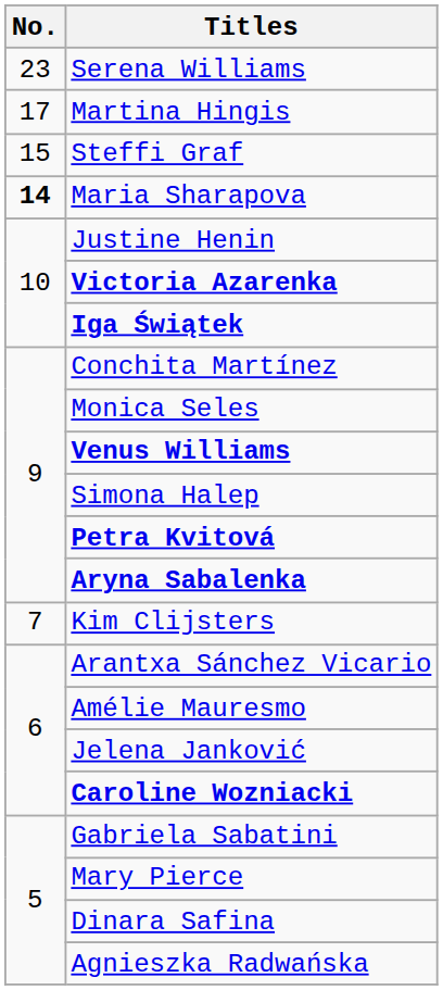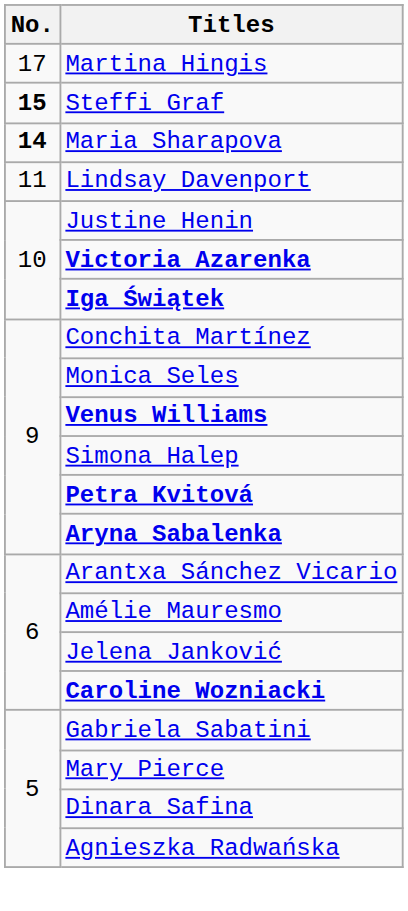 <table class="wikitable" style="text-align:center; display:inline-table">
 <tr>
 <th scope="col">No.</th>
 <th scope="col">Titles</th>
 </tr>
 <tr>
-<td>23</td>
-<td style="text-align:left"> <a href='#'>Serena Williams</a></td>
-</tr>
-<tr>
 <td>17</td>
 <td style="text-align:left"> <a href='#'>Martina Hingis</a></td>
 </tr>
 <tr>
-<td>15</td>
+<td><strong>15</strong></td>
 <td style="text-align:left"> <a href='#'>Steffi Graf</a></td>
 </tr>
 <tr>
 <td><strong>14</strong></td>
 <td style="text-align:left"> <a href='#'>Maria Sharapova</a></td>
+</tr>
+<tr>
+<td>11</td>
+<td style="text-align:left"> <a href='#'>Lindsay Davenport</a></td>
 </tr>
 <tr>
 <td rowspan="3">10</td>
 <td style="text-align:left"> <a href='#'>Justine Henin</a></td>
 </tr>
 <tr>
 <td style="text-align:left"> <strong><a href='#'>Victoria Azarenka</a></strong></td>
 </tr>
 <tr>
 <td style="text-align:left"> <strong><a href='#'>Iga Świątek</a></strong></td>
 </tr>
 <tr>
 <td rowspan="6">9</td>
 <td style="text-align:left"> <a href='#'>Conchita Martínez</a></td>
 </tr>
 <tr>
 <td style="text-align:left"> <a href='#'>Monica Seles</a></td>
 </tr>
 <tr>
 <td style="text-align:left"> <strong><a href='#'>Venus Williams</a></strong></td>
 </tr>
 <tr>
 <td style="text-align:left"> <a href='#'>Simona Halep</a></td>
 </tr>
 <tr>
 <td style="text-align:left"> <strong><a href='#'>Petra Kvitová</a></strong></td>
 </tr>
 <tr>
 <td style="text-align:left"> <strong><a href='#'>Aryna Sabalenka</a></strong></td>
 </tr>
 <tr>
-<td>7</td>
-<td style="text-align:left"> <a href='#'>Kim Clijsters</a></td>
-</tr>
-<tr>
 <td rowspan="4">6</td>
 <td style="text-align:left"> <a href='#'>Arantxa Sánchez Vicario</a></td>
 </tr>
 <tr>
 <td style="text-align:left"> <a href='#'>Amélie Mauresmo</a></td>
 </tr>
 <tr>
 <td style="text-align:left"> <a href='#'>Jelena Janković</a></td>
 </tr>
 <tr>
 <td style="text-align:left"> <strong><a href='#'>Caroline Wozniacki</a></strong></td>
 </tr>
 <tr>
 <td rowspan="4">5</td>
 <td style="text-align:left"> <a href='#'>Gabriela Sabatini</a></td>
 </tr>
 <tr>
 <td style="text-align:left"> <a href='#'>Mary Pierce</a></td>
 </tr>
 <tr>
 <td style="text-align:left"> <a href='#'>Dinara Safina</a></td>
 </tr>
 <tr>
 <td style="text-align:left"> <a href='#'>Agnieszka Radwańska</a></td>
 </tr>
 </table>
